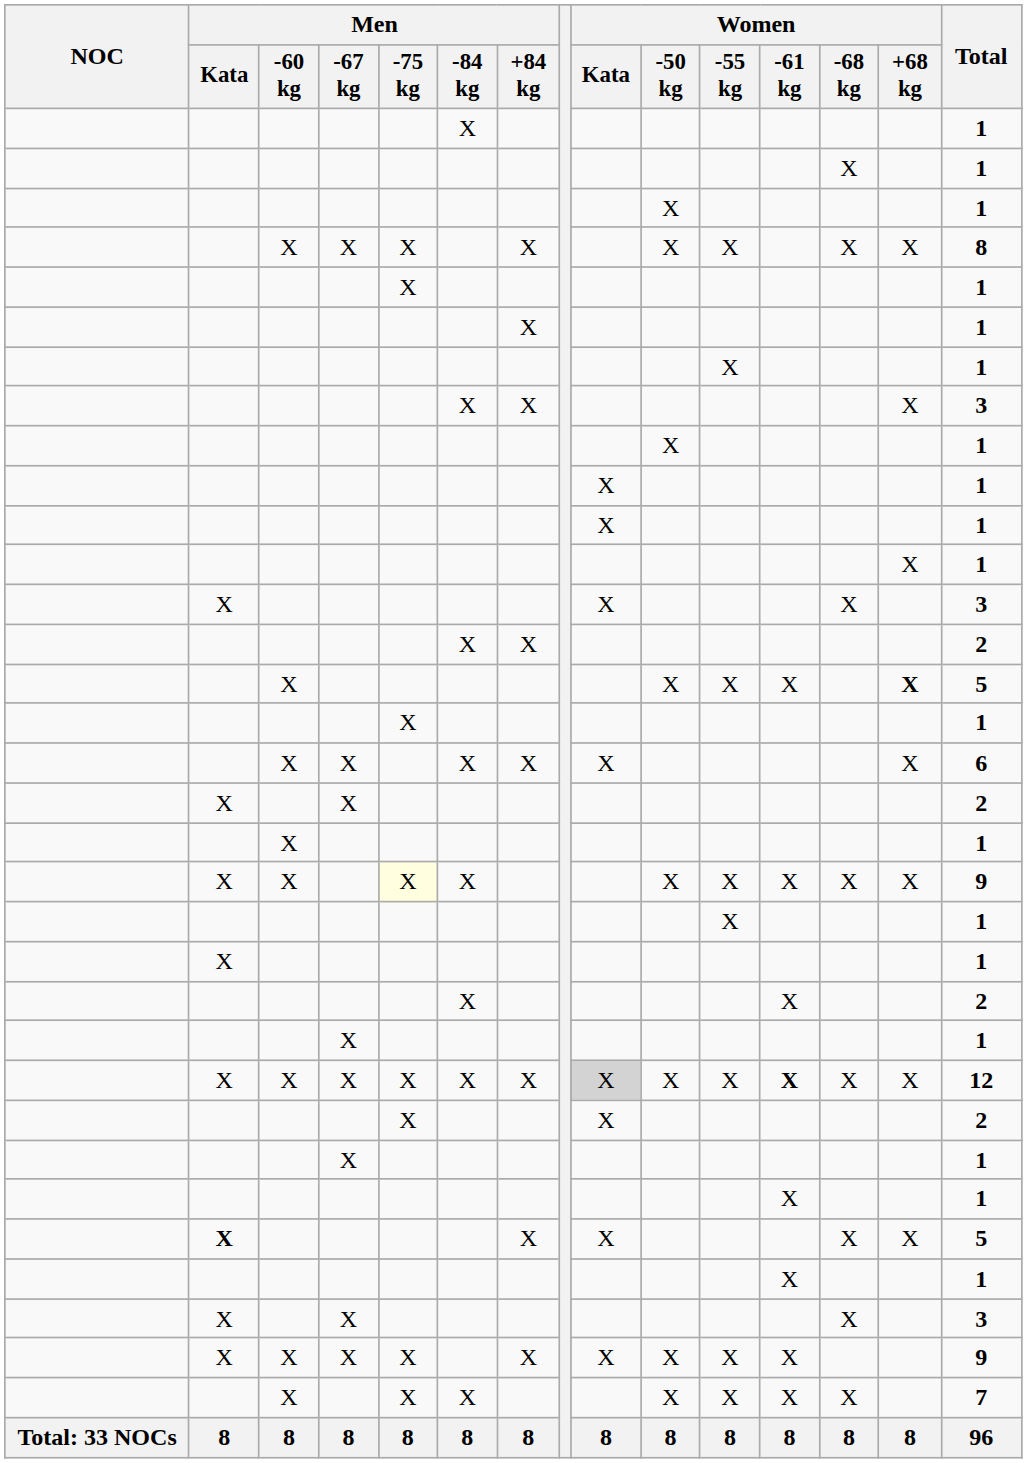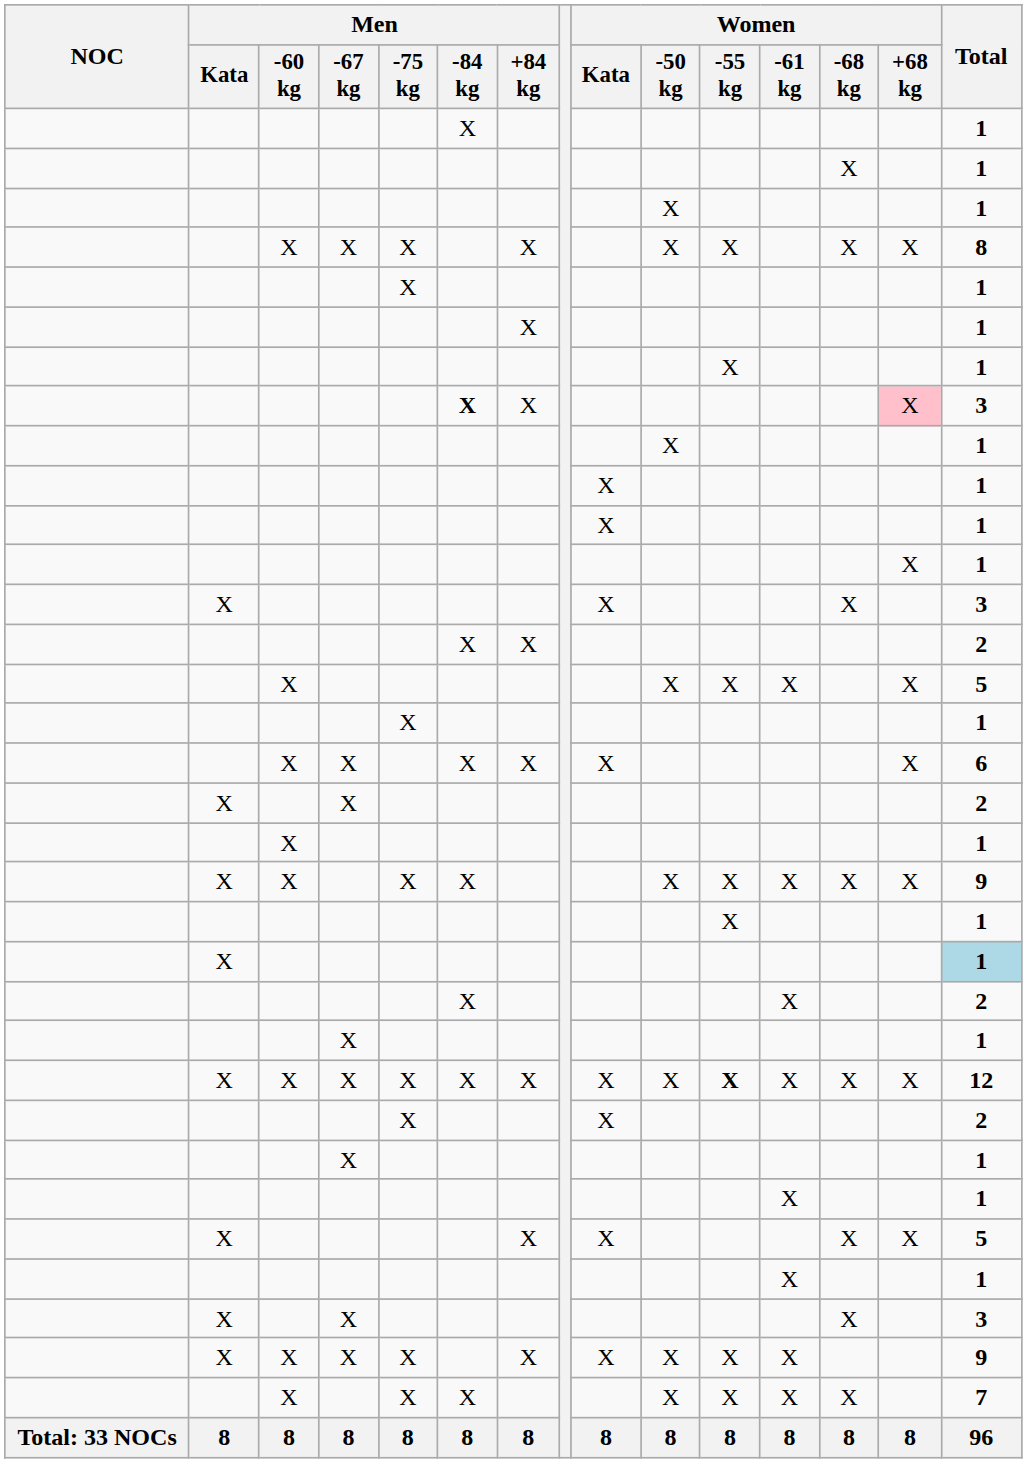 <table class="wikitable" style="text-align:center; font-size:90%">
 <tr>
 <th rowspan=2 style="width:200px; text-align:center;">NOC</th>
 <th colspan=6>Men</th>
 <th rowspan=37></th>
 <th colspan=6>Women</th>
 <th rowspan=2 style="width:55px;">Total</th>
 </tr>
 <tr style="font-size:95%">
 <th style="width:45px;">Kata</th>
 <th style="width:45px;">-60 kg</th>
 <th style="width:45px;">-67 kg</th>
 <th style="width:45px;">-75 kg</th>
 <th style="width:45px;">-84 kg</th>
 <th style="width:45px;">+84 kg</th>
 <th style="width:45px;">Kata</th>
 <th style="width:45px;">-50 kg</th>
 <th style="width:45px;">-55 kg</th>
 <th style="width:45px;">-61 kg</th>
 <th style="width:45px;">-68 kg</th>
 <th style="width:45px;">+68 kg</th>
 </tr>
 <tr>
 <td align=left></td>
 <td></td>
 <td></td>
 <td></td>
 <td></td>
 <td>X</td>
 <td></td>
 <td></td>
 <td></td>
 <td></td>
 <td></td>
 <td></td>
 <td></td>
 <td><strong>1</strong></td>
 </tr>
 <tr>
 <td align=left></td>
 <td></td>
 <td></td>
 <td></td>
 <td></td>
 <td></td>
 <td></td>
 <td></td>
 <td></td>
 <td></td>
 <td></td>
 <td>X</td>
 <td></td>
 <td><strong>1</strong></td>
 </tr>
 <tr>
 <td align=left></td>
 <td></td>
 <td></td>
 <td></td>
 <td></td>
 <td></td>
 <td></td>
 <td></td>
 <td>X</td>
 <td></td>
 <td></td>
 <td></td>
 <td></td>
 <td><strong>1</strong></td>
 </tr>
 <tr>
 <td align=left></td>
 <td></td>
 <td>X</td>
 <td>X</td>
 <td>X</td>
 <td></td>
 <td>X</td>
 <td></td>
 <td>X</td>
 <td>X</td>
 <td></td>
 <td>X</td>
 <td>X</td>
 <td><strong>8</strong></td>
 </tr>
 <tr>
 <td align=left></td>
 <td></td>
 <td></td>
 <td></td>
 <td>X</td>
 <td></td>
 <td></td>
 <td></td>
 <td></td>
 <td></td>
 <td></td>
 <td></td>
 <td></td>
 <td><strong>1</strong></td>
 </tr>
 <tr>
 <td align=left></td>
 <td></td>
 <td></td>
 <td></td>
 <td></td>
 <td></td>
 <td>X</td>
 <td></td>
 <td></td>
 <td></td>
 <td></td>
 <td></td>
 <td></td>
 <td><strong>1</strong></td>
 </tr>
 <tr>
 <td align=left></td>
 <td></td>
 <td></td>
 <td></td>
 <td></td>
 <td></td>
 <td></td>
 <td></td>
 <td></td>
 <td>X</td>
 <td></td>
 <td></td>
 <td></td>
 <td><strong>1</strong></td>
 </tr>
 <tr>
 <td align=left></td>
 <td></td>
 <td></td>
 <td></td>
 <td></td>
-<td>X</td>
+<td><strong>X</strong></td>
 <td>X</td>
 <td></td>
 <td></td>
 <td></td>
 <td></td>
 <td></td>
-<td>X</td>
+<td style="background: pink;">X</td>
 <td><strong>3</strong></td>
 </tr>
 <tr>
 <td align=left></td>
 <td></td>
 <td></td>
 <td></td>
 <td></td>
 <td></td>
 <td></td>
 <td></td>
 <td>X</td>
 <td></td>
 <td></td>
 <td></td>
 <td></td>
 <td><strong>1</strong></td>
 </tr>
 <tr>
 <td align=left></td>
 <td></td>
 <td></td>
 <td></td>
 <td></td>
 <td></td>
 <td></td>
 <td>X</td>
 <td></td>
 <td></td>
 <td></td>
 <td></td>
 <td></td>
 <td><strong>1</strong></td>
 </tr>
 <tr>
 <td align=left></td>
 <td></td>
 <td></td>
 <td></td>
 <td></td>
 <td></td>
 <td></td>
 <td>X</td>
 <td></td>
 <td></td>
 <td></td>
 <td></td>
 <td></td>
 <td><strong>1</strong></td>
 </tr>
 <tr>
 <td align=left></td>
 <td></td>
 <td></td>
 <td></td>
 <td></td>
 <td></td>
 <td></td>
 <td></td>
 <td></td>
 <td></td>
 <td></td>
 <td></td>
 <td>X</td>
 <td><strong>1</strong></td>
 </tr>
 <tr>
 <td align=left></td>
 <td>X</td>
 <td></td>
 <td></td>
 <td></td>
 <td></td>
 <td></td>
 <td>X</td>
 <td></td>
 <td></td>
 <td></td>
 <td>X</td>
 <td></td>
 <td><strong>3</strong></td>
 </tr>
 <tr>
 <td align=left></td>
 <td></td>
 <td></td>
 <td></td>
 <td></td>
 <td>X</td>
 <td>X</td>
 <td></td>
 <td></td>
 <td></td>
 <td></td>
 <td></td>
 <td></td>
 <td><strong>2</strong></td>
 </tr>
 <tr>
 <td align=left></td>
 <td></td>
 <td>X</td>
 <td></td>
 <td></td>
 <td></td>
 <td></td>
 <td></td>
 <td>X</td>
 <td>X</td>
 <td>X</td>
 <td></td>
-<td><strong>X</strong></td>
+<td>X</td>
 <td><strong>5</strong></td>
 </tr>
 <tr>
 <td align=left></td>
 <td></td>
 <td></td>
 <td></td>
 <td>X</td>
 <td></td>
 <td></td>
 <td></td>
 <td></td>
 <td></td>
 <td></td>
 <td></td>
 <td></td>
 <td><strong>1</strong></td>
 </tr>
 <tr>
 <td align=left></td>
 <td></td>
 <td>X</td>
 <td>X</td>
 <td></td>
 <td>X</td>
 <td>X</td>
 <td>X</td>
 <td></td>
 <td></td>
 <td></td>
 <td></td>
 <td>X</td>
 <td><strong>6</strong></td>
 </tr>
 <tr>
 <td align=left></td>
 <td>X</td>
 <td></td>
 <td>X</td>
 <td></td>
 <td></td>
 <td></td>
 <td></td>
 <td></td>
 <td></td>
 <td></td>
 <td></td>
 <td></td>
 <td><strong>2</strong></td>
 </tr>
 <tr>
 <td align=left></td>
 <td></td>
 <td>X</td>
 <td></td>
 <td></td>
 <td></td>
 <td></td>
 <td></td>
 <td></td>
 <td></td>
 <td></td>
 <td></td>
 <td></td>
 <td><strong>1</strong></td>
 </tr>
 <tr>
 <td align=left></td>
 <td>X</td>
 <td>X</td>
 <td></td>
-<td style="background: lightyellow;">X</td>
+<td>X</td>
 <td>X</td>
 <td></td>
 <td></td>
 <td>X</td>
 <td>X</td>
 <td>X</td>
 <td>X</td>
 <td>X</td>
 <td><strong>9</strong></td>
 </tr>
 <tr>
 <td align=left></td>
 <td></td>
 <td></td>
 <td></td>
 <td></td>
 <td></td>
 <td></td>
 <td></td>
 <td></td>
 <td>X</td>
 <td></td>
 <td></td>
 <td></td>
 <td><strong>1</strong></td>
 </tr>
 <tr>
 <td align=left></td>
 <td>X</td>
 <td></td>
 <td></td>
 <td></td>
 <td></td>
 <td></td>
 <td></td>
 <td></td>
 <td></td>
 <td></td>
 <td></td>
 <td></td>
-<td><strong>1</strong></td>
+<td style="background: lightblue;"><strong>1</strong></td>
 </tr>
 <tr>
 <td align=left></td>
 <td></td>
 <td></td>
 <td></td>
 <td></td>
 <td>X</td>
 <td></td>
 <td></td>
 <td></td>
 <td></td>
 <td>X</td>
 <td></td>
 <td></td>
 <td><strong>2</strong></td>
 </tr>
 <tr>
 <td align=left></td>
 <td></td>
 <td></td>
 <td>X</td>
 <td></td>
 <td></td>
 <td></td>
 <td></td>
 <td></td>
 <td></td>
 <td></td>
 <td></td>
 <td></td>
 <td><strong>1</strong></td>
 </tr>
 <tr>
 <td align=left></td>
 <td>X</td>
 <td>X</td>
 <td>X</td>
 <td>X</td>
 <td>X</td>
 <td>X</td>
-<td style="background: lightgrey;">X</td>
 <td>X</td>
 <td>X</td>
 <td><strong>X</strong></td>
+<td>X</td>
 <td>X</td>
 <td>X</td>
 <td><strong>12</strong></td>
 </tr>
 <tr>
 <td align=left></td>
 <td></td>
 <td></td>
 <td></td>
 <td>X</td>
 <td></td>
 <td></td>
 <td>X</td>
 <td></td>
 <td></td>
 <td></td>
 <td></td>
 <td></td>
 <td><strong>2</strong></td>
 </tr>
 <tr>
 <td align=left></td>
 <td></td>
 <td></td>
 <td>X</td>
 <td></td>
 <td></td>
 <td></td>
 <td></td>
 <td></td>
 <td></td>
 <td></td>
 <td></td>
 <td></td>
 <td><strong>1</strong></td>
 </tr>
 <tr>
 <td align=left></td>
 <td></td>
 <td></td>
 <td></td>
 <td></td>
 <td></td>
 <td></td>
 <td></td>
 <td></td>
 <td></td>
 <td>X</td>
 <td></td>
 <td></td>
 <td><strong>1</strong></td>
 </tr>
 <tr>
 <td align=left></td>
-<td><strong>X</strong></td>
+<td>X</td>
 <td></td>
 <td></td>
 <td></td>
 <td></td>
 <td>X</td>
 <td>X</td>
 <td></td>
 <td></td>
 <td></td>
 <td>X</td>
 <td>X</td>
 <td><strong>5</strong></td>
 </tr>
 <tr>
 <td align=left></td>
 <td></td>
 <td></td>
 <td></td>
 <td></td>
 <td></td>
 <td></td>
 <td></td>
 <td></td>
 <td></td>
 <td>X</td>
 <td></td>
 <td></td>
 <td><strong>1</strong></td>
 </tr>
 <tr>
 <td align=left></td>
 <td>X</td>
 <td></td>
 <td>X</td>
 <td></td>
 <td></td>
 <td></td>
 <td></td>
 <td></td>
 <td></td>
 <td></td>
 <td>X</td>
 <td></td>
 <td><strong>3</strong></td>
 </tr>
 <tr>
 <td align=left></td>
 <td>X</td>
 <td>X</td>
 <td>X</td>
 <td>X</td>
 <td></td>
 <td>X</td>
 <td>X</td>
 <td>X</td>
 <td>X</td>
 <td>X</td>
 <td></td>
 <td></td>
 <td><strong>9</strong></td>
 </tr>
 <tr>
 <td align=left></td>
 <td></td>
 <td>X</td>
 <td></td>
 <td>X</td>
 <td>X</td>
 <td></td>
 <td></td>
 <td>X</td>
 <td>X</td>
 <td>X</td>
 <td>X</td>
 <td></td>
 <td><strong>7</strong></td>
 </tr>
 <tr>
 <th>Total: 33 NOCs</th>
 <th>8</th>
 <th>8</th>
 <th>8</th>
 <th>8</th>
 <th>8</th>
 <th>8</th>
 <th>8</th>
 <th>8</th>
 <th>8</th>
 <th>8</th>
 <th>8</th>
 <th>8</th>
 <th>96</th>
 </tr>
 </table>
